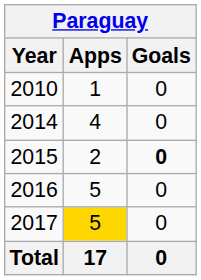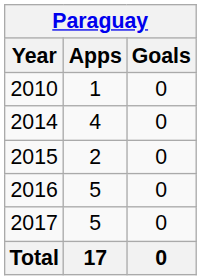 <table class="wikitable" style="text-align: center;">
 <tr>
 <th colspan=3><a href='#'>Paraguay</a></th>
 </tr>
 <tr>
 <th>Year</th>
 <th>Apps</th>
 <th>Goals</th>
 </tr>
 <tr>
 <td>2010</td>
 <td>1</td>
 <td>0</td>
 </tr>
 <tr>
 <td>2014</td>
 <td>4</td>
 <td>0</td>
 </tr>
 <tr>
 <td>2015</td>
 <td>2</td>
-<td><strong>0</strong></td>
+<td>0</td>
 </tr>
 <tr>
 <td>2016</td>
 <td>5</td>
 <td>0</td>
 </tr>
 <tr>
 <td>2017</td>
-<td style="background: gold;">5</td>
+<td>5</td>
 <td>0</td>
 </tr>
 <tr>
 <th>Total</th>
 <th>17</th>
 <th>0</th>
 </tr>
 </table>
